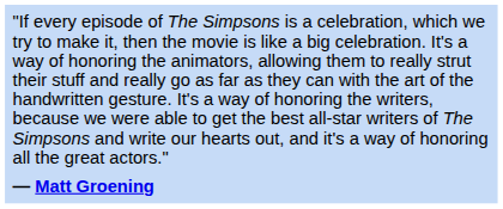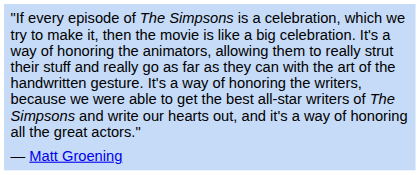 <table class="toccolours" style="float: right; margin-left: 1em; margin-right: 2em; font-size: 85%; background:#c6dbf7; color:black; width:28em; max-width: 40%;" cellspacing="5">
 <tr>
 <td style="text-align: left;">"If every episode of <em>The Simpsons</em> is a celebration, which we try to make it, then the movie is like a big celebration. It's a way of honoring the animators, allowing them to really strut their stuff and really go as far as they can with the art of the handwritten gesture. It's a way of honoring the writers, because we were able to get the best all-star writers of <em>The Simpsons</em> and write our hearts out, and it's a way of honoring all the great actors."</td>
 </tr>
 <tr>
-<td style="text-align: left;"><strong>— <a href='#'>Matt Groening</a></strong></td>
+<td style="text-align: left;">— <a href='#'>Matt Groening</a></td>
 </tr>
 </table>
